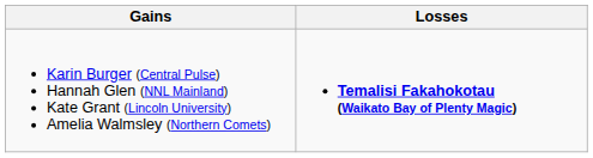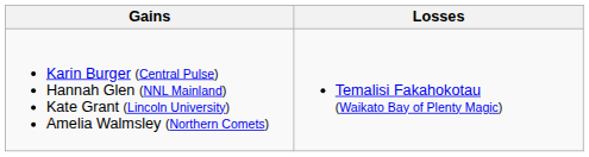 <table class=wikitable>
 <tr>
 <th width=300> Gains</th>
 <th width=300> Losses</th>
 </tr>
 <tr>
 <td><br><ul><li><a href='#'>Karin Burger</a> <small>(<a href='#'>Central Pulse</a>)</small></li><li>Hannah Glen <small>(<a href='#'>NNL Mainland</a>)</small></li><li>Kate Grant <small>(<a href='#'>Lincoln University</a>)</small></li><li>Amelia Walmsley <small>(<a href='#'>Northern Comets</a>)</small></li></ul></td>
-<td><strong><br><ul><li><a href='#'>Temalisi Fakahokotau</a><br><small>(<a href='#'>Waikato Bay of Plenty Magic</a>)</small></li></ul></strong></td>
+<td><br><ul><li><a href='#'>Temalisi Fakahokotau</a><br><small>(<a href='#'>Waikato Bay of Plenty Magic</a>)</small></li></ul></td>
 </tr>
 </table>
